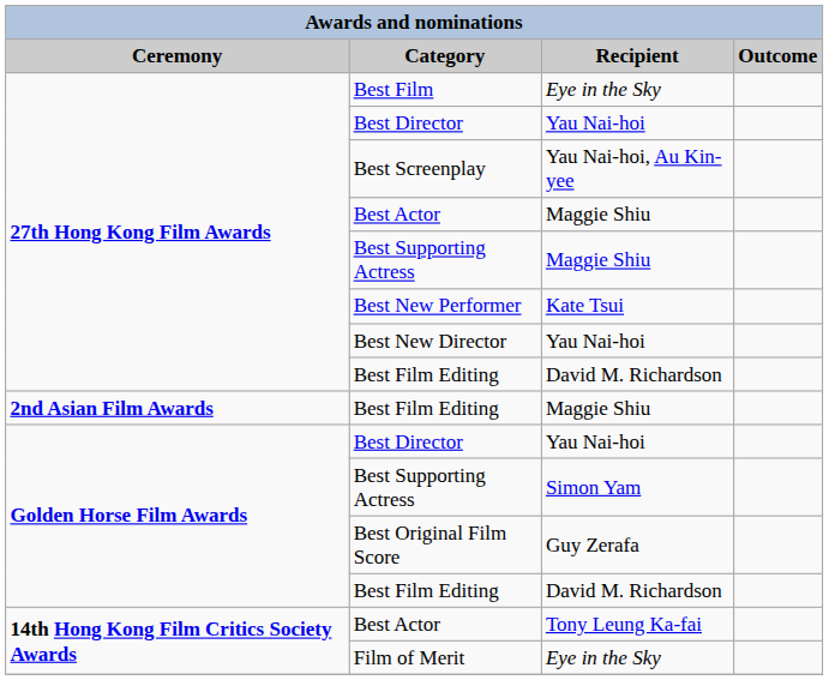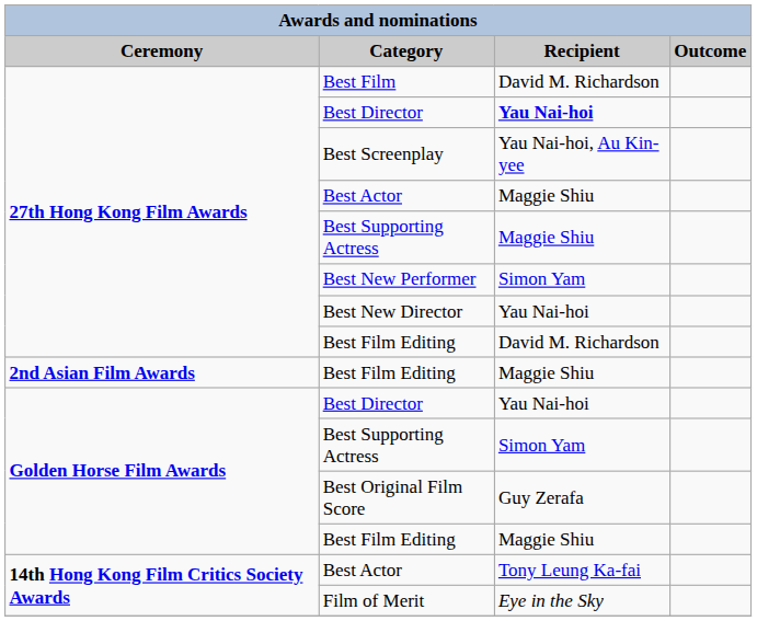 <table class="wikitable" style="font-size:95%;" ;>
 <tr style="background:#ccc; text-align:center;">
 <th colspan="4" style="background: LightSteelBlue;">Awards and nominations</th>
 </tr>
 <tr style="background:#ccc; text-align:center;">
 <th style="background:#ccc">Ceremony</th>
 <th style="background:#ccc">Category</th>
 <th style="background:#ccc">Recipient</th>
 <th style="background:#ccc">Outcome</th>
 </tr>
 <tr>
 <td rowspan=8><strong><a href='#'>27th Hong Kong Film Awards</a></strong></td>
 <td><a href='#'>Best Film</a></td>
-<td><em>Eye in the Sky</em></td>
+<td>David M. Richardson</td>
 <td></td>
 </tr>
 <tr>
 <td><a href='#'>Best Director</a></td>
-<td><a href='#'>Yau Nai-hoi</a></td>
+<td><strong><a href='#'>Yau Nai-hoi</a></strong></td>
 <td></td>
 </tr>
 <tr>
 <td>Best Screenplay</td>
 <td>Yau Nai-hoi, <a href='#'>Au Kin-yee</a></td>
 <td></td>
 </tr>
 <tr>
 <td><a href='#'>Best Actor</a></td>
 <td>Maggie Shiu</td>
 <td></td>
 </tr>
 <tr>
 <td><a href='#'>Best Supporting Actress</a></td>
 <td><a href='#'>Maggie Shiu</a></td>
 <td></td>
 </tr>
 <tr>
 <td><a href='#'>Best New Performer</a></td>
-<td><a href='#'>Kate Tsui</a></td>
+<td><a href='#'>Simon Yam</a></td>
 <td></td>
 </tr>
 <tr>
 <td>Best New Director</td>
 <td>Yau Nai-hoi</td>
 <td></td>
 </tr>
 <tr>
 <td>Best Film Editing</td>
 <td>David M. Richardson</td>
 <td></td>
 </tr>
 <tr>
 <td><strong><a href='#'>2nd Asian Film Awards</a></strong></td>
 <td>Best Film Editing</td>
 <td>Maggie Shiu</td>
 <td></td>
 </tr>
 <tr>
 <td rowspan=4><strong> <a href='#'>Golden Horse Film Awards</a></strong></td>
 <td><a href='#'>Best Director</a></td>
 <td>Yau Nai-hoi</td>
 <td></td>
 </tr>
 <tr>
 <td>Best Supporting Actress</td>
 <td><a href='#'>Simon Yam</a></td>
 <td></td>
 </tr>
 <tr>
 <td>Best Original Film Score</td>
 <td>Guy Zerafa</td>
 <td></td>
 </tr>
 <tr>
 <td>Best Film Editing</td>
-<td>David M. Richardson</td>
+<td>Maggie Shiu</td>
 <td></td>
 </tr>
 <tr>
 <td rowspan=2><strong>14th <a href='#'>Hong Kong Film Critics Society Awards</a></strong></td>
 <td>Best Actor</td>
 <td><a href='#'>Tony Leung Ka-fai</a></td>
 <td></td>
 </tr>
 <tr>
 <td>Film of Merit</td>
 <td><em>Eye in the Sky</em></td>
 <td></td>
 </tr>
 <tr>
 </tr>
 </table>
